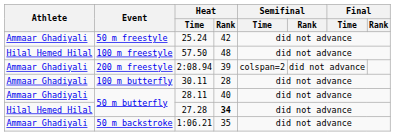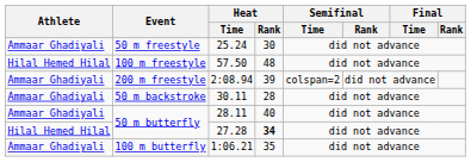 <table class=wikitable style=font-size:90%>
 <tr>
 <th rowspan=2>Athlete</th>
 <th rowspan=2>Event</th>
 <th colspan=2>Heat</th>
 <th colspan=2>Semifinal</th>
 <th colspan=2>Final</th>
 </tr>
 <tr style=font-size:95%>
 <th>Time</th>
 <th>Rank</th>
 <th>Time</th>
 <th>Rank</th>
 <th>Time</th>
 <th>Rank</th>
 </tr>
 <tr align=center>
 <td align=left><a href='#'>Ammaar Ghadiyali</a></td>
 <td align=left><a href='#'>50 m freestyle</a></td>
 <td>25.24</td>
-<td>42</td>
+<td>30</td>
 <td colspan=4>did not advance</td>
 </tr>
 <tr align=center>
 <td align=left><a href='#'>Hilal Hemed Hilal</a></td>
 <td align=left><a href='#'>100 m freestyle</a></td>
 <td>57.50</td>
 <td>48</td>
 <td colspan=4>did not advance</td>
 </tr>
 <tr align=center>
 <td align=left><a href='#'>Ammaar Ghadiyali</a></td>
 <td align=left><a href='#'>200 m freestyle</a></td>
 <td>2:08.94</td>
 <td>39</td>
 <td>colspan=2 </td>
 <td colspan=2>did not advance</td>
 </tr>
 <tr align=center>
 <td align=left><a href='#'>Ammaar Ghadiyali</a></td>
-<td align=left><a href='#'>100 m butterfly</a></td>
+<td align=left><a href='#'>50 m backstroke</a></td>
 <td>30.11</td>
 <td>28</td>
 <td colspan=4>did not advance</td>
 </tr>
 <tr align=center>
 <td align=left><a href='#'>Ammaar Ghadiyali</a></td>
 <td align=left rowspan=2><a href='#'>50 m butterfly</a></td>
 <td>28.11</td>
 <td>40</td>
 <td colspan=4>did not advance</td>
 </tr>
 <tr align=center>
 <td align=left><a href='#'>Hilal Hemed Hilal</a></td>
 <td>27.28</td>
 <td><strong>34</strong></td>
 <td colspan=4>did not advance</td>
 </tr>
 <tr align=center>
 <td align=left><a href='#'>Ammaar Ghadiyali</a></td>
-<td align=left><a href='#'>50 m backstroke</a></td>
+<td align=left><a href='#'>100 m butterfly</a></td>
 <td>1:06.21</td>
 <td>35</td>
 <td colspan=4>did not advance</td>
 </tr>
 </table>
